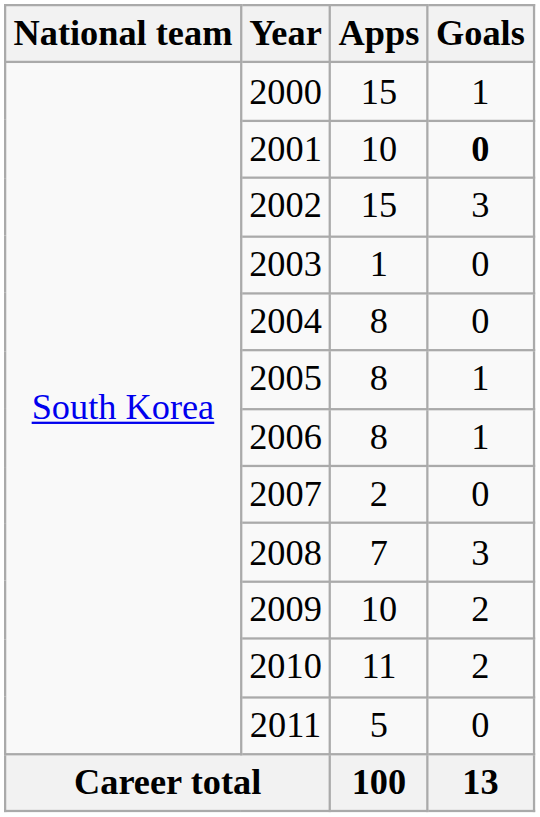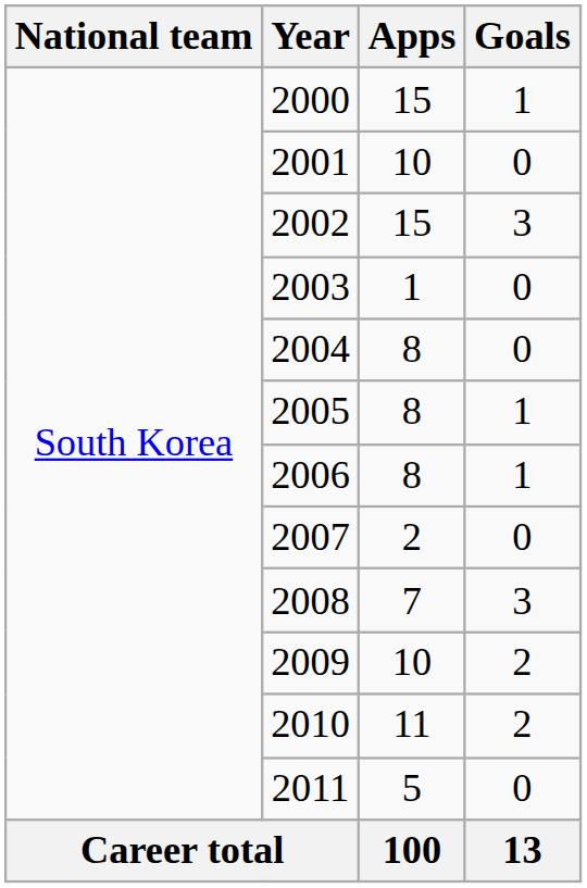 <table class="wikitable" style="text-align:center">
 <tr>
 <th>National team</th>
 <th>Year</th>
 <th>Apps</th>
 <th>Goals</th>
 </tr>
 <tr>
 <td rowspan="12"><a href='#'>South Korea</a></td>
 <td>2000</td>
 <td>15</td>
 <td>1</td>
 </tr>
 <tr>
 <td>2001</td>
 <td>10</td>
-<td><strong>0</strong></td>
+<td>0</td>
 </tr>
 <tr>
 <td>2002</td>
 <td>15</td>
 <td>3</td>
 </tr>
 <tr>
 <td>2003</td>
 <td>1</td>
 <td>0</td>
 </tr>
 <tr>
 <td>2004</td>
 <td>8</td>
 <td>0</td>
 </tr>
 <tr>
 <td>2005</td>
 <td>8</td>
 <td>1</td>
 </tr>
 <tr>
 <td>2006</td>
 <td>8</td>
 <td>1</td>
 </tr>
 <tr>
 <td>2007</td>
 <td>2</td>
 <td>0</td>
 </tr>
 <tr>
 <td>2008</td>
 <td>7</td>
 <td>3</td>
 </tr>
 <tr>
 <td>2009</td>
 <td>10</td>
 <td>2</td>
 </tr>
 <tr>
 <td>2010</td>
 <td>11</td>
 <td>2</td>
 </tr>
 <tr>
 <td>2011</td>
 <td>5</td>
 <td>0</td>
 </tr>
 <tr>
 <th colspan="2">Career total</th>
 <th>100</th>
 <th>13</th>
 </tr>
 </table>
